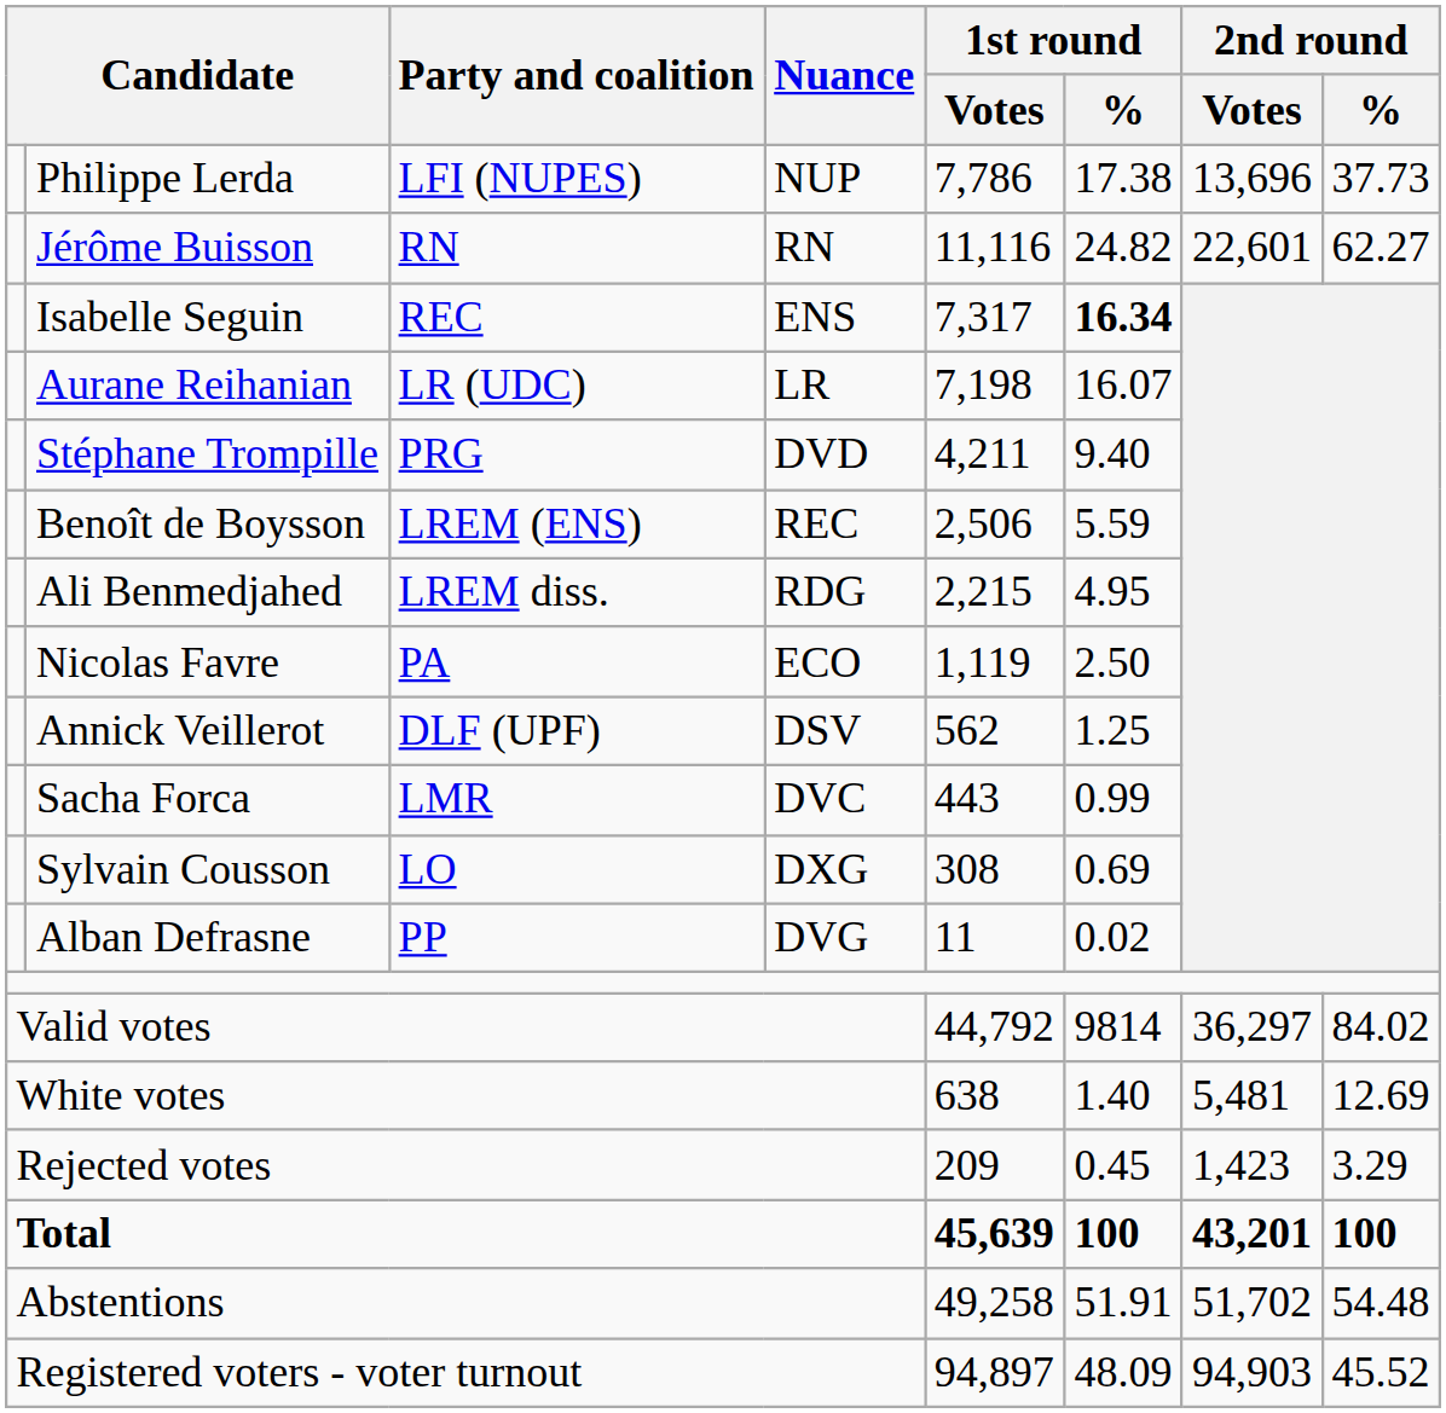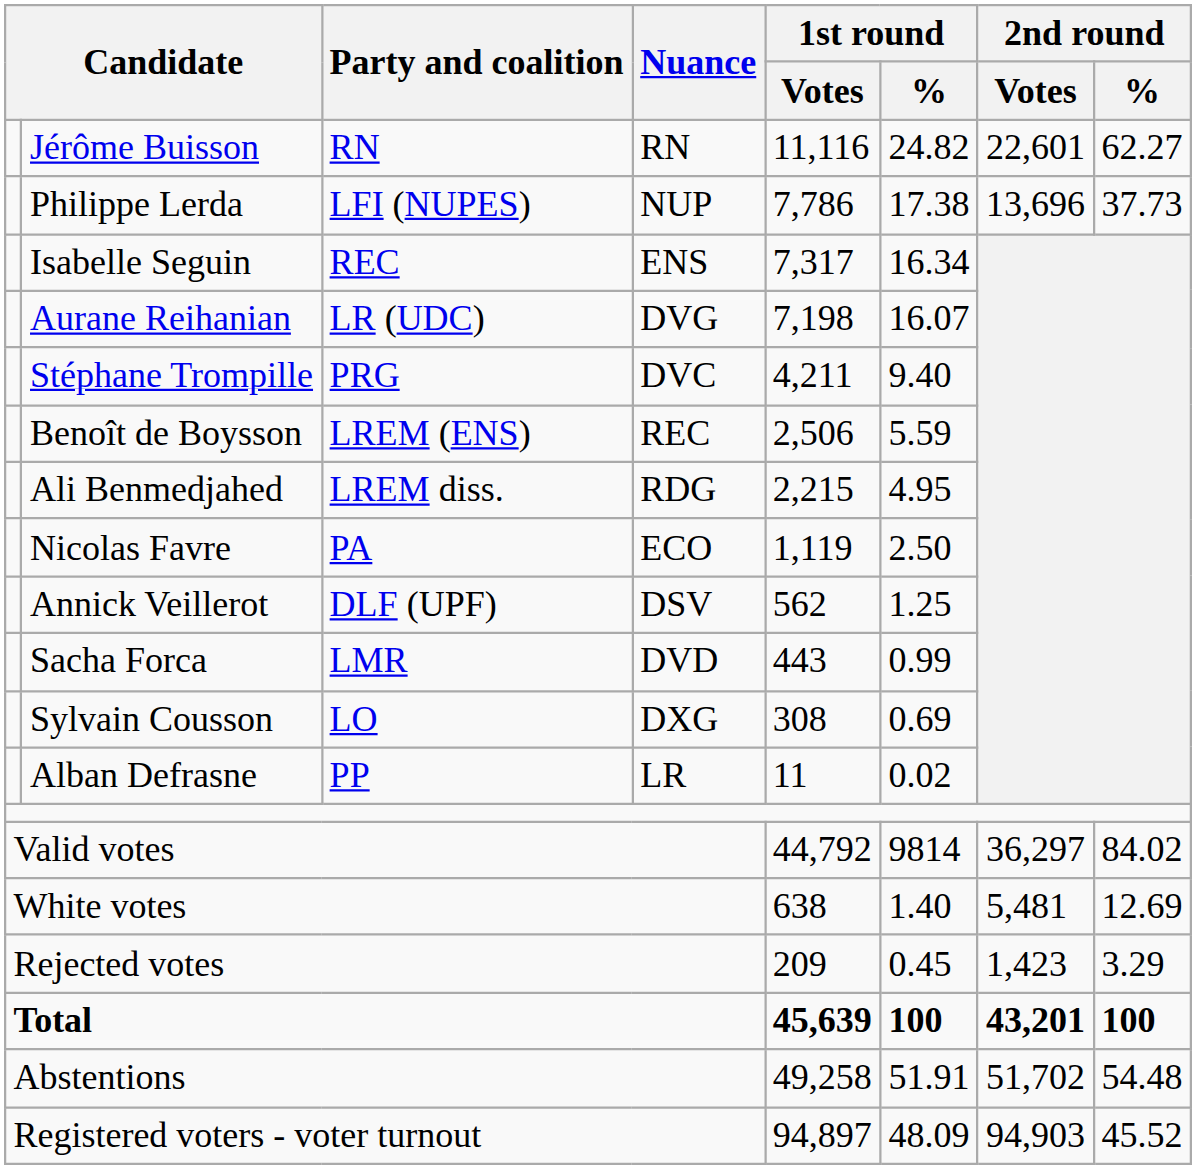 <table class="wikitable">
 <tr>
 <th colspan="2" rowspan="2">Candidate</th>
 <th rowspan="2">Party and coalition</th>
 <th rowspan="2"><a href='#'>Nuance</a></th>
 <th colspan="2">1st round</th>
 <th colspan="2">2nd round</th>
 </tr>
 <tr>
 <th>Votes</th>
 <th>%</th>
 <th>Votes</th>
 <th>%</th>
 </tr>
 <tr>
 <td style="background:"></td>
+<td><a href='#'>Jérôme Buisson</a></td>
+<td><a href='#'>RN</a></td>
+<td><abbr>RN</abbr></td>
+<td>11,116</td>
+<td>24.82</td>
+<td>22,601</td>
+<td>62.27</td>
+</tr>
+<tr>
+<td style="background:"></td>
 <td>Philippe Lerda</td>
 <td><a href='#'>LFI</a> (<a href='#'>NUPES</a>)</td>
 <td><abbr>NUP</abbr></td>
 <td>7,786</td>
 <td>17.38</td>
 <td>13,696</td>
 <td>37.73</td>
 </tr>
 <tr>
 <td style="background:"></td>
-<td><a href='#'>Jérôme Buisson</a></td>
-<td><a href='#'>RN</a></td>
-<td><abbr>RN</abbr></td>
-<td>11,116</td>
-<td>24.82</td>
-<td>22,601</td>
-<td>62.27</td>
-</tr>
-<tr>
-<td style="background:"></td>
 <td>Isabelle Seguin</td>
 <td><a href='#'>REC</a></td>
 <td><abbr>ENS</abbr></td>
 <td>7,317</td>
-<td><strong>16.34</strong></td>
+<td>16.34</td>
 <th colspan="2" rowspan="10"></th>
 </tr>
 <tr>
 <td style="background:"></td>
 <td><a href='#'>Aurane Reihanian</a></td>
 <td><a href='#'>LR</a> (<a href='#'>UDC</a>)</td>
-<td><abbr>LR</abbr></td>
+<td><abbr>DVG</abbr></td>
 <td>7,198</td>
 <td>16.07</td>
 </tr>
 <tr>
 <td style="background:"></td>
 <td><a href='#'>Stéphane Trompille</a></td>
 <td><a href='#'>PRG</a></td>
-<td><abbr>DVD</abbr></td>
+<td><abbr>DVC</abbr></td>
 <td>4,211</td>
 <td>9.40</td>
 </tr>
 <tr>
 <td style="background:"></td>
 <td>Benoît de Boysson</td>
 <td><a href='#'>LREM</a> (<a href='#'>ENS</a>)</td>
 <td><abbr>REC</abbr></td>
 <td>2,506</td>
 <td>5.59</td>
 </tr>
 <tr>
 <td style="background:"></td>
 <td>Ali Benmedjahed</td>
 <td><a href='#'>LREM</a> <abbr>diss.</abbr></td>
 <td><abbr>RDG</abbr></td>
 <td>2,215</td>
 <td>4.95</td>
 </tr>
 <tr>
 <td style="background:"></td>
 <td>Nicolas Favre</td>
 <td><a href='#'>PA</a></td>
 <td><abbr>ECO</abbr></td>
 <td>1,119</td>
 <td>2.50</td>
 </tr>
 <tr>
 <td style="background:"></td>
 <td>Annick Veillerot</td>
 <td><a href='#'>DLF</a> (<abbr>UPF</abbr>)</td>
 <td><abbr>DSV</abbr></td>
 <td>562</td>
 <td>1.25</td>
 </tr>
 <tr>
 <td style="background:"></td>
 <td>Sacha Forca</td>
 <td><a href='#'>LMR</a></td>
-<td><abbr>DVC</abbr></td>
+<td><abbr>DVD</abbr></td>
 <td>443</td>
 <td>0.99</td>
 </tr>
 <tr>
 <td style="background:"></td>
 <td>Sylvain Cousson</td>
 <td><a href='#'>LO</a></td>
 <td><abbr>DXG</abbr></td>
 <td>308</td>
 <td>0.69</td>
 </tr>
 <tr>
 <td style="background:"></td>
 <td>Alban Defrasne</td>
 <td><a href='#'>PP</a></td>
-<td><abbr>DVG</abbr></td>
+<td><abbr>LR</abbr></td>
 <td>11</td>
 <td>0.02</td>
 </tr>
 <tr>
 <td colspan="8"></td>
 </tr>
 <tr>
 <td colspan="4">Valid votes</td>
 <td>44,792</td>
 <td>9814</td>
 <td>36,297</td>
 <td>84.02</td>
 </tr>
 <tr>
 <td colspan="4">White votes</td>
 <td>638</td>
 <td>1.40</td>
 <td>5,481</td>
 <td>12.69</td>
 </tr>
 <tr>
 <td colspan="4">Rejected votes</td>
 <td>209</td>
 <td>0.45</td>
 <td>1,423</td>
 <td>3.29</td>
 </tr>
 <tr>
 <td colspan="4"><strong>Total</strong></td>
 <td><strong>45,639</strong></td>
 <td><strong>100</strong></td>
 <td><strong>43,201</strong></td>
 <td><strong>100</strong></td>
 </tr>
 <tr>
 <td colspan="4">Abstentions</td>
 <td>49,258</td>
 <td>51.91</td>
 <td>51,702</td>
 <td>54.48</td>
 </tr>
 <tr>
 <td colspan="4">Registered voters - voter turnout</td>
 <td>94,897</td>
 <td>48.09</td>
 <td>94,903</td>
 <td>45.52</td>
 </tr>
 </table>
